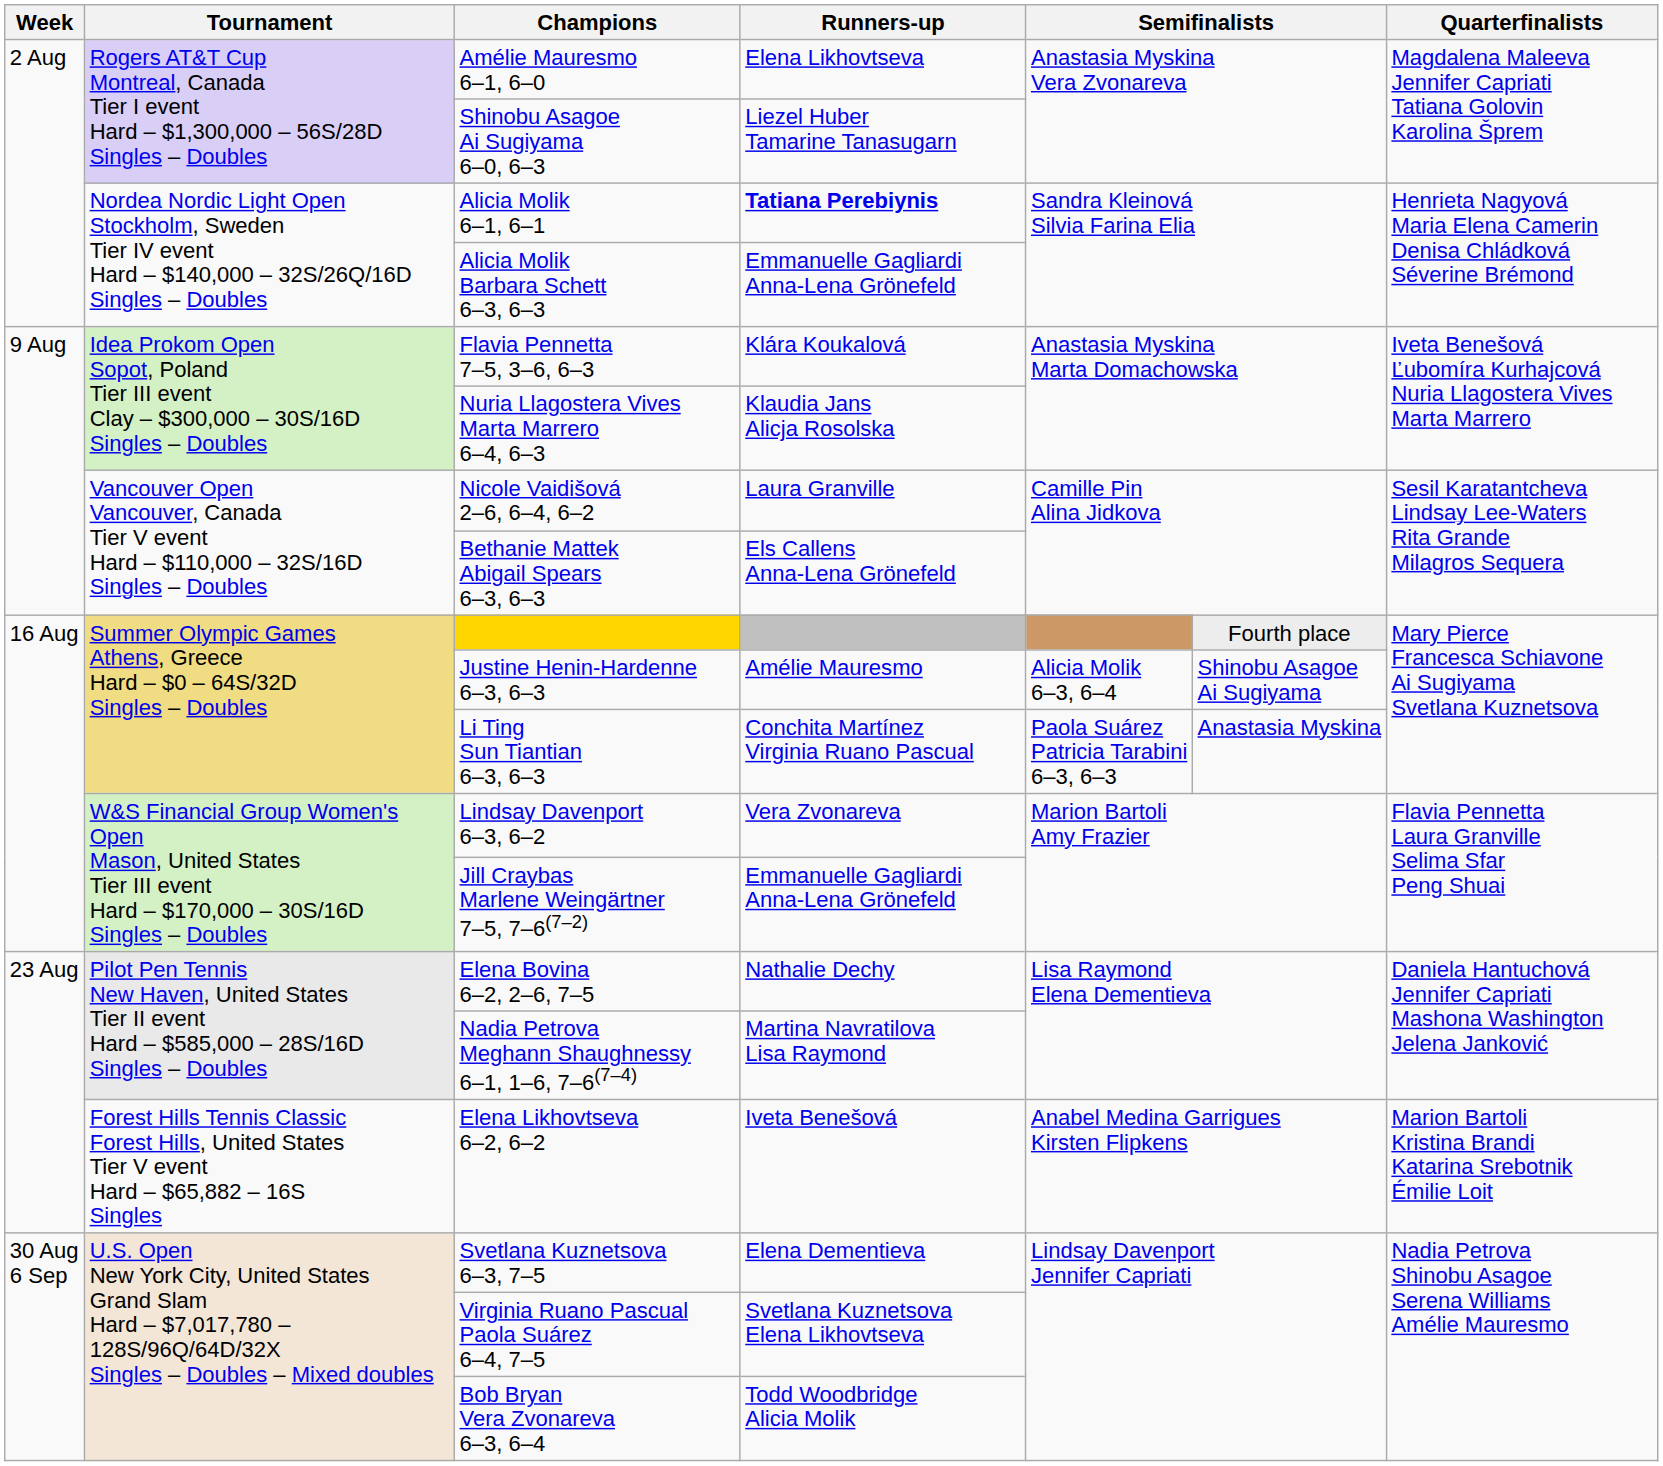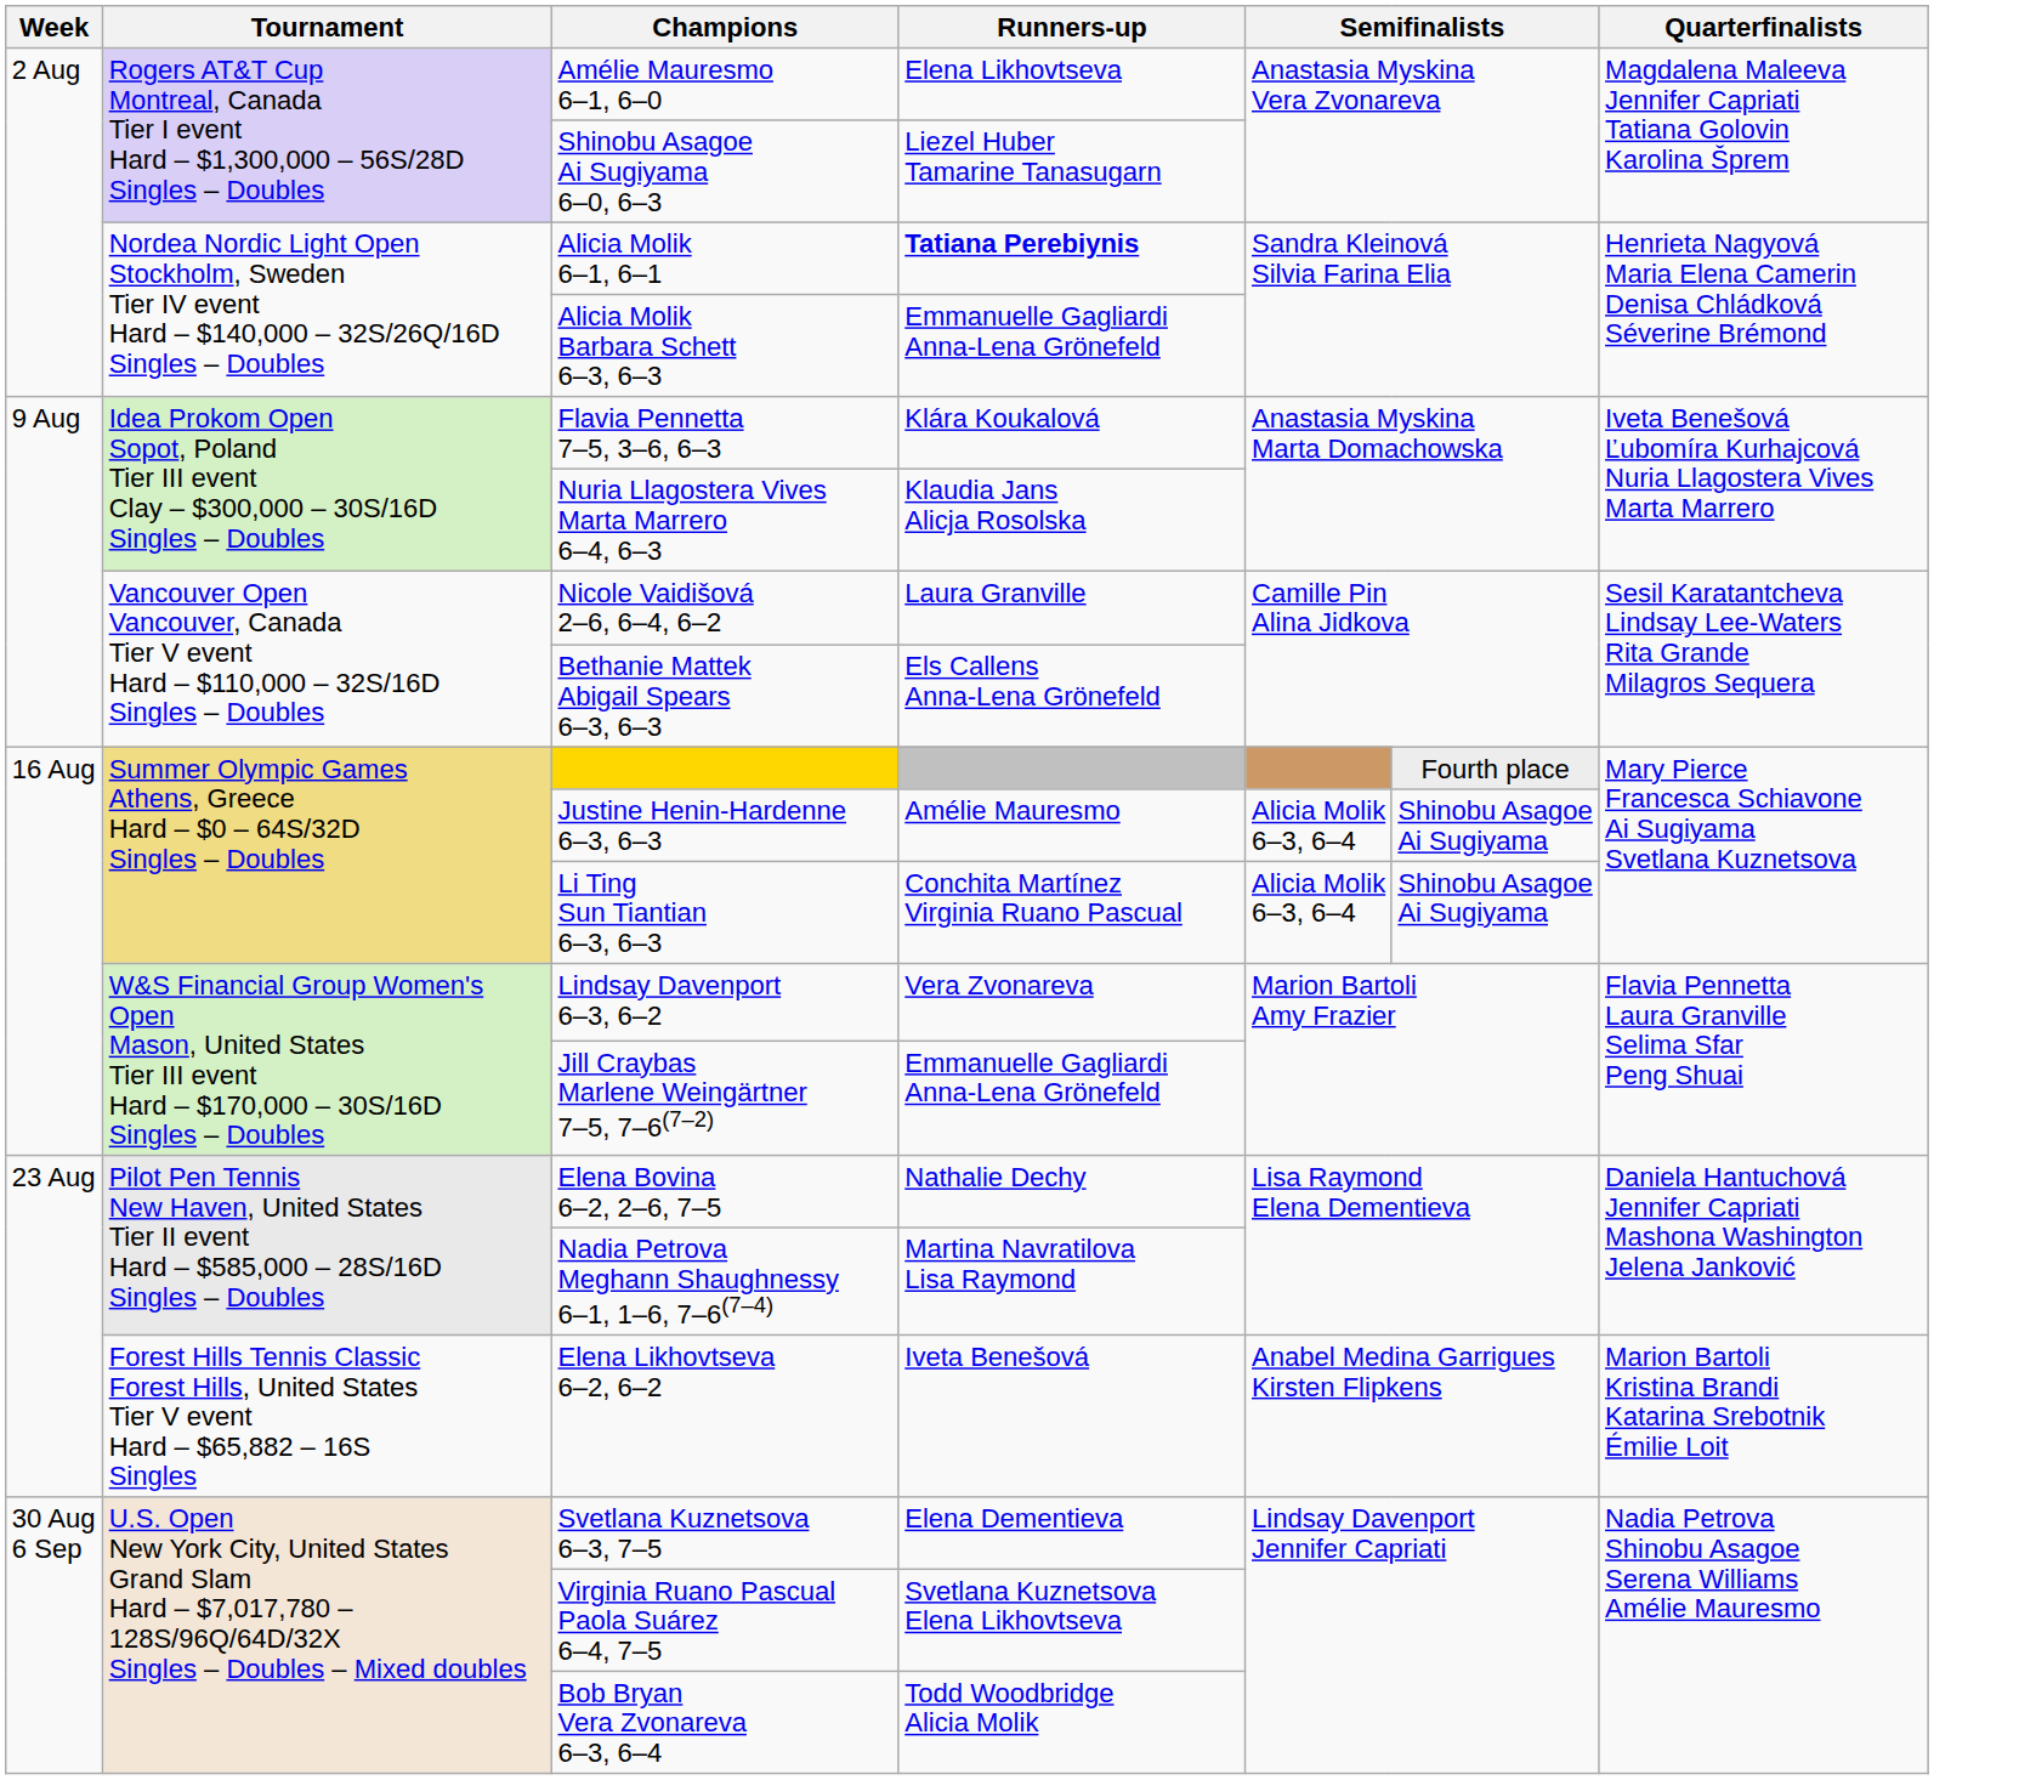 <table class=wikitable style=font-size:95%>
 <tr>
 <th style="width:48px;">Week</th>
 <th style="width:248px;">Tournament</th>
 <th style="width:190px;">Champions</th>
 <th style="width:190px;">Runners-up</th>
 <th style="width:180px;" colspan=2>Semifinalists</th>
 <th style="width:180px;">Quarterfinalists</th>
 </tr>
 <tr valign="top">
 <td rowspan=4>2 Aug</td>
 <td rowspan=2 style="background:#d8cef6;"><a href='#'>Rogers AT&T Cup</a><br> <a href='#'>Montreal</a>, Canada <br>Tier I event<br>Hard – $1,300,000 – 56S/28D<br> <a href='#'>Singles</a> – <a href='#'>Doubles</a></td>
 <td> <a href='#'>Amélie Mauresmo</a> <br> 6–1, 6–0</td>
 <td> <a href='#'>Elena Likhovtseva</a></td>
 <td rowspan=2 colspan=2> <a href='#'>Anastasia Myskina</a><br> <a href='#'>Vera Zvonareva</a></td>
 <td rowspan=2> <a href='#'>Magdalena Maleeva</a>  <br>  <a href='#'>Jennifer Capriati</a> <br> <a href='#'>Tatiana Golovin</a><br>   <a href='#'>Karolina Šprem</a></td>
 </tr>
 <tr valign="top">
 <td> <a href='#'>Shinobu Asagoe</a> <br>  <a href='#'>Ai Sugiyama</a><br>6–0, 6–3</td>
 <td> <a href='#'>Liezel Huber</a> <br>  <a href='#'>Tamarine Tanasugarn</a></td>
 </tr>
 <tr valign="top">
 <td rowspan=2><a href='#'>Nordea Nordic Light Open</a><br> <a href='#'>Stockholm</a>, Sweden <br>Tier IV event<br>Hard – $140,000 – 32S/26Q/16D<br><a href='#'>Singles</a> – <a href='#'>Doubles</a></td>
 <td> <a href='#'>Alicia Molik</a> <br> 6–1, 6–1</td>
 <td><strong> <a href='#'>Tatiana Perebiynis</a></strong></td>
 <td rowspan=2 colspan=2> <a href='#'>Sandra Kleinová</a><br> <a href='#'>Silvia Farina Elia</a></td>
 <td rowspan=2> <a href='#'>Henrieta Nagyová</a>  <br>  <a href='#'>Maria Elena Camerin</a> <br> <a href='#'>Denisa Chládková</a><br>   <a href='#'>Séverine Brémond</a></td>
 </tr>
 <tr valign="top">
 <td> <a href='#'>Alicia Molik</a> <br>  <a href='#'>Barbara Schett</a><br>6–3, 6–3</td>
 <td> <a href='#'>Emmanuelle Gagliardi</a> <br>  <a href='#'>Anna-Lena Grönefeld</a></td>
 </tr>
 <tr valign="top">
 <td rowspan=4>9 Aug</td>
 <td rowspan=2 style="background:#d4f1c5;"><a href='#'>Idea Prokom Open</a><br> <a href='#'>Sopot</a>, Poland <br>Tier III event<br>Clay – $300,000 – 30S/16D<br><a href='#'>Singles</a> – <a href='#'>Doubles</a></td>
 <td> <a href='#'>Flavia Pennetta</a> <br> 7–5, 3–6, 6–3</td>
 <td> <a href='#'>Klára Koukalová</a></td>
 <td rowspan=2 colspan=2> <a href='#'>Anastasia Myskina</a><br> <a href='#'>Marta Domachowska</a></td>
 <td rowspan=2> <a href='#'>Iveta Benešová</a>  <br>  <a href='#'>Ľubomíra Kurhajcová</a> <br> <a href='#'>Nuria Llagostera Vives</a><br>   <a href='#'>Marta Marrero</a></td>
 </tr>
 <tr valign="top">
 <td> <a href='#'>Nuria Llagostera Vives</a> <br>  <a href='#'>Marta Marrero</a><br>6–4, 6–3</td>
 <td> <a href='#'>Klaudia Jans</a> <br>  <a href='#'>Alicja Rosolska</a></td>
 </tr>
 <tr valign="top">
 <td rowspan=2><a href='#'>Vancouver Open</a><br> <a href='#'>Vancouver</a>, Canada <br>Tier V event<br>Hard – $110,000 – 32S/16D<br><a href='#'>Singles</a> – <a href='#'>Doubles</a></td>
 <td> <a href='#'>Nicole Vaidišová</a> <br> 2–6, 6–4, 6–2</td>
 <td> <a href='#'>Laura Granville</a></td>
 <td rowspan=2 colspan=2> <a href='#'>Camille Pin</a><br> <a href='#'>Alina Jidkova</a></td>
 <td rowspan=2> <a href='#'>Sesil Karatantcheva</a>  <br>  <a href='#'>Lindsay Lee-Waters</a> <br> <a href='#'>Rita Grande</a><br>   <a href='#'>Milagros Sequera</a></td>
 </tr>
 <tr valign="top">
 <td> <a href='#'>Bethanie Mattek</a> <br>  <a href='#'>Abigail Spears</a><br>6–3, 6–3</td>
 <td> <a href='#'>Els Callens</a> <br>  <a href='#'>Anna-Lena Grönefeld</a></td>
 </tr>
 <tr valign="top">
 <td rowspan=5>16 Aug</td>
 <td rowspan=3 bgcolor="#f0dc82"><a href='#'>Summer Olympic Games</a><br> <a href='#'>Athens</a>, Greece <br>Hard – $0 – 64S/32D<br><a href='#'>Singles</a> – <a href='#'>Doubles</a></td>
 <td style="background:gold; text-align:center;"></td>
 <td style="background:silver; text-align:center;"></td>
 <td style="background:#cc9966; text-align:center;"></td>
 <td style="background:#ededed ; text-align:center;">Fourth place</td>
 <td rowspan=3> <a href='#'>Mary Pierce</a><br> <a href='#'>Francesca Schiavone</a><br> <a href='#'>Ai Sugiyama</a>  <br> <a href='#'>Svetlana Kuznetsova</a></td>
 </tr>
 <tr valign=top>
 <td> <a href='#'>Justine Henin-Hardenne</a> <br>6–3, 6–3</td>
 <td> <a href='#'>Amélie Mauresmo</a></td>
 <td> <a href='#'>Alicia Molik</a><br>6–3, 6–4</td>
 <td> <a href='#'>Shinobu Asagoe</a><br> <a href='#'>Ai Sugiyama</a></td>
 </tr>
 <tr valign=top>
 <td> <a href='#'>Li Ting</a> <br>  <a href='#'>Sun Tiantian</a> <br>6–3, 6–3</td>
 <td> <a href='#'>Conchita Martínez</a> <br>  <a href='#'>Virginia Ruano Pascual</a></td>
-<td> <a href='#'>Paola Suárez</a><br> <a href='#'>Patricia Tarabini</a><br>6–3, 6–3</td>
-<td> <a href='#'>Anastasia Myskina</a></td>
+<td> <a href='#'>Alicia Molik</a><br>6–3, 6–4</td>
+<td> <a href='#'>Shinobu Asagoe</a><br> <a href='#'>Ai Sugiyama</a></td>
 </tr>
 <tr valign="top">
 <td rowspan=2 style="background:#d4f1c5;"><a href='#'>W&S Financial Group Women's Open</a><br>  <a href='#'>Mason</a>, United States <br>Tier III event<br>Hard – $170,000 – 30S/16D<br><a href='#'>Singles</a> – <a href='#'>Doubles</a></td>
 <td> <a href='#'>Lindsay Davenport</a> <br> 6–3, 6–2</td>
 <td> <a href='#'>Vera Zvonareva</a></td>
 <td rowspan=2 colspan=2> <a href='#'>Marion Bartoli</a><br> <a href='#'>Amy Frazier</a></td>
 <td rowspan=2> <a href='#'>Flavia Pennetta</a>  <br>  <a href='#'>Laura Granville</a> <br> <a href='#'>Selima Sfar</a><br>   <a href='#'>Peng Shuai</a></td>
 </tr>
 <tr valign="top">
 <td> <a href='#'>Jill Craybas</a> <br>  <a href='#'>Marlene Weingärtner</a><br>7–5, 7–6<sup>(7–2)</sup></td>
 <td> <a href='#'>Emmanuelle Gagliardi</a> <br>  <a href='#'>Anna-Lena Grönefeld</a></td>
 </tr>
 <tr valign="top">
 <td rowspan=3>23 Aug</td>
 <td rowspan=2 style="background:#e9e9e9;"><a href='#'>Pilot Pen Tennis</a><br>  <a href='#'>New Haven</a>, United States <br>Tier II event<br>Hard – $585,000 – 28S/16D<br><a href='#'>Singles</a> – <a href='#'>Doubles</a></td>
 <td> <a href='#'>Elena Bovina</a> <br> 6–2, 2–6, 7–5</td>
 <td> <a href='#'>Nathalie Dechy</a></td>
 <td rowspan=2 colspan=2> <a href='#'>Lisa Raymond</a><br> <a href='#'>Elena Dementieva</a></td>
 <td rowspan=2> <a href='#'>Daniela Hantuchová</a>  <br>  <a href='#'>Jennifer Capriati</a> <br> <a href='#'>Mashona Washington</a><br>   <a href='#'>Jelena Janković</a></td>
 </tr>
 <tr valign="top">
 <td> <a href='#'>Nadia Petrova</a> <br>  <a href='#'>Meghann Shaughnessy</a><br>6–1, 1–6, 7–6<sup>(7–4)</sup></td>
 <td> <a href='#'>Martina Navratilova</a> <br>  <a href='#'>Lisa Raymond</a></td>
 </tr>
 <tr valign="top">
 <td><a href='#'>Forest Hills Tennis Classic</a><br> <a href='#'>Forest Hills</a>, United States <br>Tier V event<br>Hard – $65,882 – 16S<br> <a href='#'>Singles</a></td>
 <td> <a href='#'>Elena Likhovtseva</a> <br> 6–2, 6–2</td>
 <td> <a href='#'>Iveta Benešová</a></td>
 <td colspan=2> <a href='#'>Anabel Medina Garrigues</a><br> <a href='#'>Kirsten Flipkens</a></td>
 <td> <a href='#'>Marion Bartoli</a>  <br>  <a href='#'>Kristina Brandi</a> <br> <a href='#'>Katarina Srebotnik</a><br>   <a href='#'>Émilie Loit</a></td>
 </tr>
 <tr valign="top">
 <td rowspan=3>30 Aug<br>6 Sep</td>
 <td rowspan=3 bgcolor=#F3E6D7><a href='#'>U.S. Open</a><br> New York City, United States <br>Grand Slam<br>Hard – $7,017,780 – 128S/96Q/64D/32X<br><a href='#'>Singles</a> – <a href='#'>Doubles</a> – <a href='#'>Mixed doubles</a></td>
 <td> <a href='#'>Svetlana Kuznetsova</a> <br> 6–3, 7–5</td>
 <td> <a href='#'>Elena Dementieva</a></td>
 <td rowspan=3 colspan=2> <a href='#'>Lindsay Davenport</a><br> <a href='#'>Jennifer Capriati</a></td>
 <td rowspan=3> <a href='#'>Nadia Petrova</a>  <br>  <a href='#'>Shinobu Asagoe</a> <br> <a href='#'>Serena Williams</a><br>   <a href='#'>Amélie Mauresmo</a></td>
 </tr>
 <tr valign="top">
 <td> <a href='#'>Virginia Ruano Pascual</a> <br>  <a href='#'>Paola Suárez</a><br>6–4, 7–5</td>
 <td> <a href='#'>Svetlana Kuznetsova</a> <br>  <a href='#'>Elena Likhovtseva</a></td>
 </tr>
 <tr valign="top">
 <td> <a href='#'>Bob Bryan</a> <br>  <a href='#'>Vera Zvonareva</a><br>6–3, 6–4</td>
 <td> <a href='#'>Todd Woodbridge</a> <br>  <a href='#'>Alicia Molik</a></td>
 </tr>
 </table>
